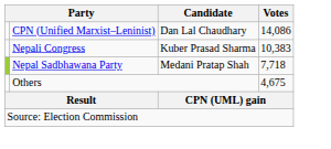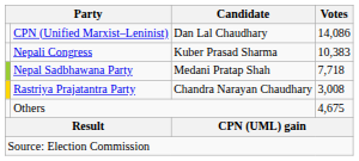 <table class="wikitable">
 <tr>
 <th colspan="2">Party</th>
 <th>Candidate</th>
 <th>Votes</th>
 </tr>
 <tr>
 <td style="background-color:"></td>
 <td><a href='#'>CPN (Unified Marxist–Leninist)</a></td>
 <td>Dan Lal Chaudhary</td>
 <td>14,086</td>
 </tr>
 <tr>
 <td style="background-color:"></td>
 <td><a href='#'>Nepali Congress</a></td>
 <td>Kuber Prasad Sharma</td>
 <td>10,383</td>
 </tr>
 <tr>
 <td style="background-color:yellowgreen"></td>
 <td><a href='#'>Nepal Sadbhawana Party</a></td>
 <td>Medani Pratap Shah</td>
 <td>7,718</td>
 </tr>
 <tr>
+<td style="background-color:gold"></td>
+<td><a href='#'>Rastriya Prajatantra Party</a></td>
+<td>Chandra Narayan Chaudhary</td>
+<td>3,008</td>
+</tr>
+<tr>
 <td></td>
 <td colspan="2">Others</td>
 <td>4,675</td>
 </tr>
 <tr>
 <th colspan="2">Result</th>
 <th colspan="2">CPN (UML) gain</th>
 </tr>
 <tr>
 <td colspan="4">Source: Election Commission</td>
 </tr>
 </table>
